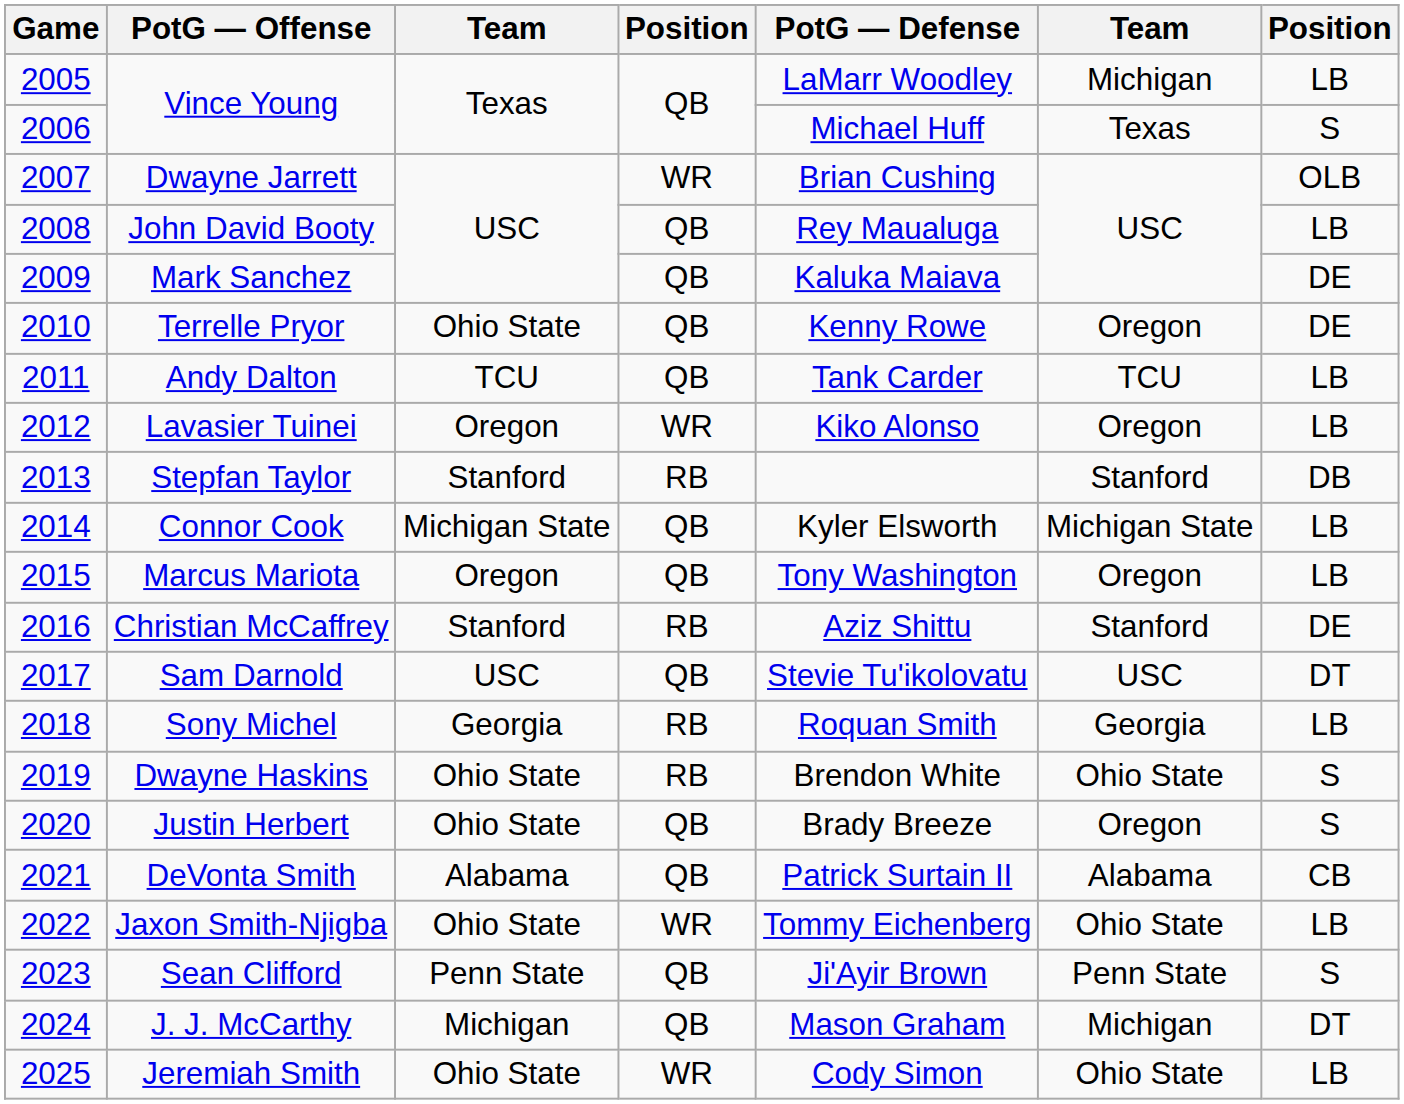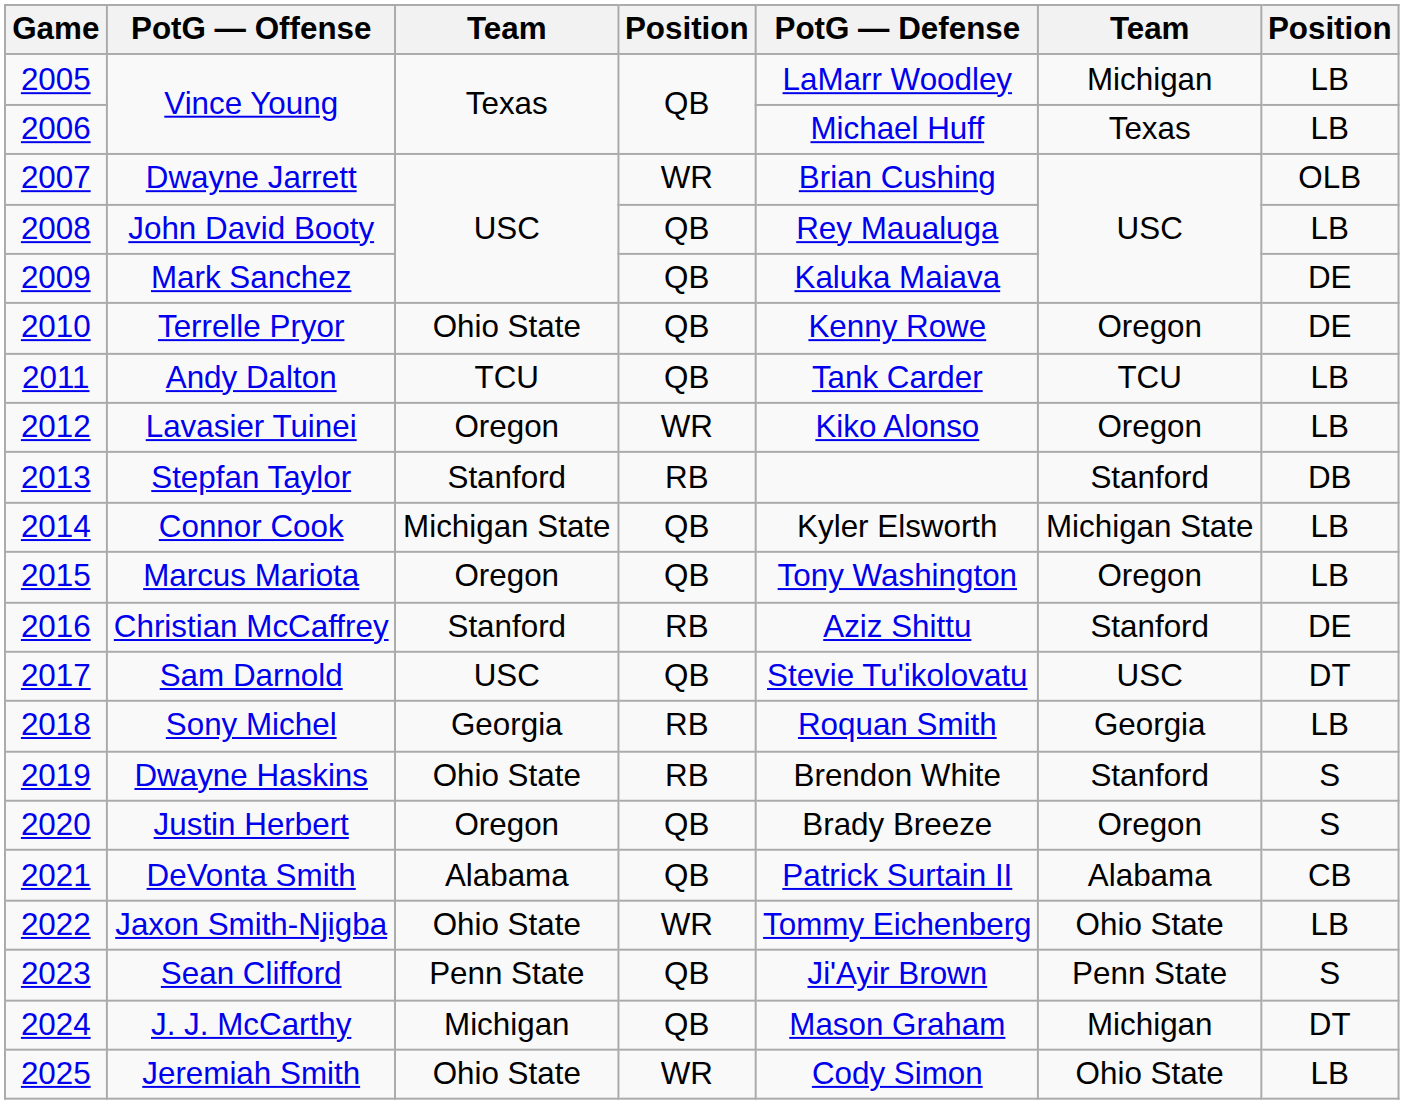 <table class="wikitable" style="text-align:center">
 <tr>
 <th>Game</th>
 <th>PotG — Offense</th>
 <th>Team</th>
 <th>Position</th>
 <th>PotG — Defense</th>
 <th>Team</th>
 <th>Position</th>
 </tr>
 <tr>
 <td><a href='#'>2005</a></td>
 <td rowspan="2"><a href='#'>Vince Young</a></td>
 <td rowspan="2">Texas</td>
 <td rowspan="2">QB</td>
 <td><a href='#'>LaMarr Woodley</a></td>
 <td>Michigan</td>
 <td>LB</td>
 </tr>
 <tr>
 <td><a href='#'>2006</a></td>
 <td><a href='#'>Michael Huff</a></td>
 <td>Texas</td>
-<td>S</td>
+<td>LB</td>
 </tr>
 <tr>
 <td><a href='#'>2007</a></td>
 <td><a href='#'>Dwayne Jarrett</a></td>
 <td rowspan="3">USC</td>
 <td>WR</td>
 <td><a href='#'>Brian Cushing</a></td>
 <td rowspan="3">USC</td>
 <td>OLB</td>
 </tr>
 <tr>
 <td><a href='#'>2008</a></td>
 <td><a href='#'>John David Booty</a></td>
 <td>QB</td>
 <td><a href='#'>Rey Maualuga</a></td>
 <td>LB</td>
 </tr>
 <tr>
 <td><a href='#'>2009</a></td>
 <td><a href='#'>Mark Sanchez</a></td>
 <td>QB</td>
 <td><a href='#'>Kaluka Maiava</a></td>
 <td>DE</td>
 </tr>
 <tr>
 <td><a href='#'>2010</a></td>
 <td><a href='#'>Terrelle Pryor</a></td>
 <td>Ohio State</td>
 <td>QB</td>
 <td><a href='#'>Kenny Rowe</a></td>
 <td>Oregon</td>
 <td>DE</td>
 </tr>
 <tr>
 <td><a href='#'>2011</a></td>
 <td><a href='#'>Andy Dalton</a></td>
 <td>TCU</td>
 <td>QB</td>
 <td><a href='#'>Tank Carder</a></td>
 <td>TCU</td>
 <td>LB</td>
 </tr>
 <tr>
 <td><a href='#'>2012</a></td>
 <td><a href='#'>Lavasier Tuinei</a></td>
 <td>Oregon</td>
 <td>WR</td>
 <td><a href='#'>Kiko Alonso</a></td>
 <td>Oregon</td>
 <td>LB</td>
 </tr>
 <tr>
 <td><a href='#'>2013</a></td>
 <td><a href='#'>Stepfan Taylor</a></td>
 <td>Stanford</td>
 <td>RB</td>
 <td></td>
 <td>Stanford</td>
 <td>DB</td>
 </tr>
 <tr>
 <td><a href='#'>2014</a></td>
 <td><a href='#'>Connor Cook</a></td>
 <td>Michigan State</td>
 <td>QB</td>
 <td>Kyler Elsworth</td>
 <td>Michigan State</td>
 <td>LB</td>
 </tr>
 <tr>
 <td><a href='#'>2015</a></td>
 <td><a href='#'>Marcus Mariota</a></td>
 <td>Oregon</td>
 <td>QB</td>
 <td><a href='#'>Tony Washington</a></td>
 <td>Oregon</td>
 <td>LB</td>
 </tr>
 <tr>
 <td><a href='#'>2016</a></td>
 <td><a href='#'>Christian McCaffrey</a></td>
 <td>Stanford</td>
 <td>RB</td>
 <td><a href='#'>Aziz Shittu</a></td>
 <td>Stanford</td>
 <td>DE</td>
 </tr>
 <tr>
 <td><a href='#'>2017</a></td>
 <td><a href='#'>Sam Darnold</a></td>
 <td>USC</td>
 <td>QB</td>
 <td><a href='#'>Stevie Tu'ikolovatu</a></td>
 <td>USC</td>
 <td>DT</td>
 </tr>
 <tr>
 <td><a href='#'>2018</a></td>
 <td><a href='#'>Sony Michel</a></td>
 <td>Georgia</td>
 <td>RB</td>
 <td><a href='#'>Roquan Smith</a></td>
 <td>Georgia</td>
 <td>LB</td>
 </tr>
 <tr>
 <td><a href='#'>2019</a></td>
 <td><a href='#'>Dwayne Haskins</a></td>
 <td>Ohio State</td>
 <td>RB</td>
 <td>Brendon White</td>
-<td>Ohio State</td>
+<td>Stanford</td>
 <td>S</td>
 </tr>
 <tr>
 <td><a href='#'>2020</a></td>
 <td><a href='#'>Justin Herbert</a></td>
-<td>Ohio State</td>
+<td>Oregon</td>
 <td>QB</td>
 <td>Brady Breeze</td>
 <td>Oregon</td>
 <td>S</td>
 </tr>
 <tr>
 <td><a href='#'>2021</a></td>
 <td><a href='#'>DeVonta Smith</a></td>
 <td>Alabama</td>
 <td>QB</td>
 <td><a href='#'>Patrick Surtain II</a></td>
 <td>Alabama</td>
 <td>CB</td>
 </tr>
 <tr>
 <td><a href='#'>2022</a></td>
 <td><a href='#'>Jaxon Smith-Njigba</a></td>
 <td>Ohio State</td>
 <td>WR</td>
 <td><a href='#'>Tommy Eichenberg</a></td>
 <td>Ohio State</td>
 <td>LB</td>
 </tr>
 <tr>
 <td><a href='#'>2023</a></td>
 <td><a href='#'>Sean Clifford</a></td>
 <td>Penn State</td>
 <td>QB</td>
 <td><a href='#'>Ji'Ayir Brown</a></td>
 <td>Penn State</td>
 <td>S</td>
 </tr>
 <tr>
 <td><a href='#'>2024</a></td>
 <td><a href='#'>J. J. McCarthy</a></td>
 <td>Michigan</td>
 <td>QB</td>
 <td><a href='#'>Mason Graham</a></td>
 <td>Michigan</td>
 <td>DT</td>
 </tr>
 <tr>
 <td><a href='#'>2025</a></td>
 <td><a href='#'>Jeremiah Smith</a></td>
 <td>Ohio State</td>
 <td>WR</td>
 <td><a href='#'>Cody Simon</a></td>
 <td>Ohio State</td>
 <td>LB</td>
 </tr>
 </table>
